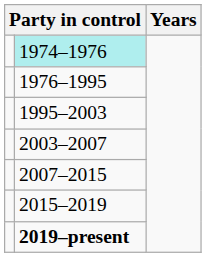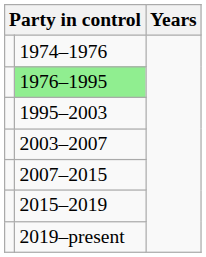 <table class="wikitable">
 <tr>
 <th colspan=2>Party in control</th>
 <th>Years</th>
 </tr>
 <tr>
 <td></td>
-<td style="background: paleturquoise;">1974–1976</td>
+<td>1974–1976</td>
 </tr>
 <tr>
 <td></td>
-<td>1976–1995</td>
+<td style="background: lightgreen;">1976–1995</td>
 </tr>
 <tr>
 <td></td>
 <td>1995–2003</td>
 </tr>
 <tr>
 <td></td>
 <td>2003–2007</td>
 </tr>
 <tr>
 <td></td>
 <td>2007–2015</td>
 </tr>
 <tr>
 <td></td>
 <td>2015–2019</td>
 </tr>
 <tr>
 <td></td>
-<td><strong>2019–present</strong></td>
+<td>2019–present</td>
 </tr>
 </table>
